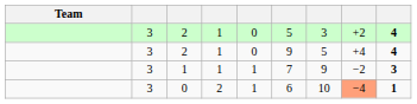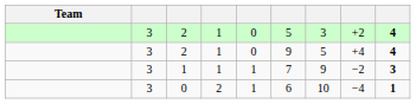 <table class="wikitable" style="text-align:center;">
 <tr>
 <th width=165>Team</th>
 <th width=40></th>
 <th width=40></th>
 <th width=40></th>
 <th width=40></th>
 <th width=40></th>
 <th width=40></th>
 <th width=40></th>
 <th width=40></th>
 </tr>
 <tr bgcolor="ccffcc">
 <td style="text-align:left;"></td>
 <td>3</td>
 <td>2</td>
 <td>1</td>
 <td>0</td>
 <td>5</td>
 <td>3</td>
 <td>+2</td>
 <td><strong>4</strong></td>
 </tr>
 <tr>
 <td style="text-align:left;"></td>
 <td>3</td>
 <td>2</td>
 <td>1</td>
 <td>0</td>
 <td>9</td>
 <td>5</td>
 <td>+4</td>
 <td><strong>4</strong></td>
 </tr>
 <tr>
 <td style="text-align:left;"></td>
 <td>3</td>
 <td>1</td>
 <td>1</td>
 <td>1</td>
 <td>7</td>
 <td>9</td>
 <td>−2</td>
 <td><strong>3</strong></td>
 </tr>
 <tr>
 <td style="text-align:left;"></td>
 <td>3</td>
 <td>0</td>
 <td>2</td>
 <td>1</td>
 <td>6</td>
 <td>10</td>
-<td style="background: lightsalmon;">−4</td>
+<td>−4</td>
 <td><strong>1</strong></td>
 </tr>
 </table>
